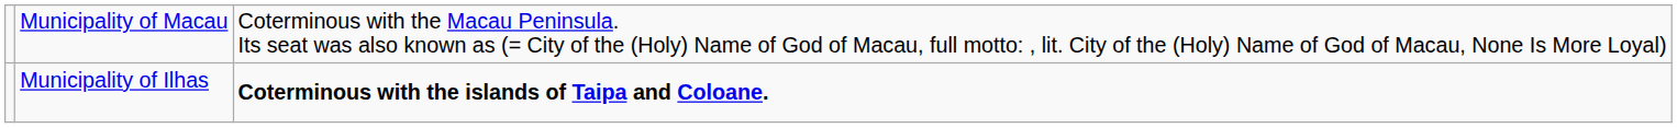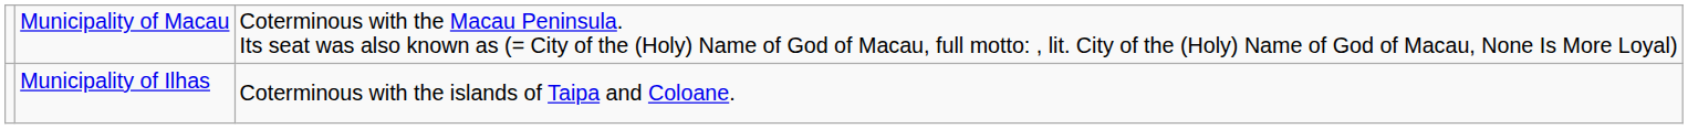 <table class="wikitable">
 <tr>
 <td></td>
 <td><a href='#'>Municipality of Macau</a><br><em></em><br> </td>
 <td>Coterminous with the <a href='#'>Macau Peninsula</a>. <br>Its seat was also known as <em></em> (= City of the (Holy) Name of God of Macau, full motto: <em></em>, lit. City of the (Holy) Name of God of Macau, None Is More Loyal)</td>
 </tr>
 <tr>
 <td></td>
 <td><a href='#'>Municipality of Ilhas</a><br><em></em><br> </td>
-<td><strong>Coterminous with the islands of <a href='#'>Taipa</a> and <a href='#'>Coloane</a>.</strong></td>
+<td>Coterminous with the islands of <a href='#'>Taipa</a> and <a href='#'>Coloane</a>.</td>
 </tr>
 </table>
